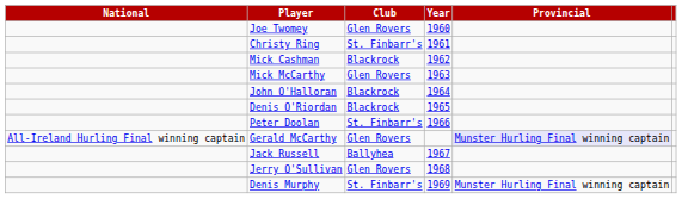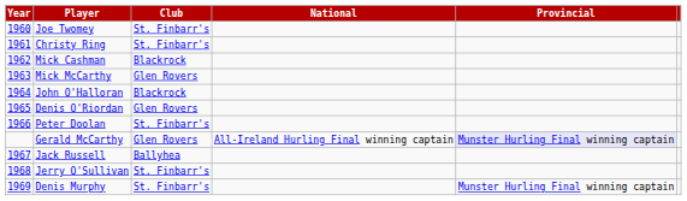 <table class="wikitable">
 <tr style="text-align:center;background:#B60000;color:white">
-<td><strong>National</strong></td>
+<td><strong>Year</strong></td>
 <td><strong>Player</strong></td>
 <td><strong>Club</strong></td>
-<td><strong>Year</strong></td>
+<td><strong>National</strong></td>
 <td><strong>Provincial</strong></td>
 <td></td>
 </tr>
 <tr>
+<td style="text-align:left;"><a href='#'>1960</a></td>
+<td style="text-align:left;"><a href='#'>Joe Twomey</a></td>
+<td style="text-align:left;"><a href='#'>St. Finbarr's</a></td>
 <td></td>
-<td style="text-align:left;"><a href='#'>Joe Twomey</a></td>
+<td></td>
+<td></td>
+</tr>
+<tr>
+<td style="text-align:left;"><a href='#'>1961</a></td>
+<td style="text-align:left;"><a href='#'>Christy Ring</a></td>
+<td style="text-align:left;"><a href='#'>St. Finbarr's</a></td>
+<td></td>
+<td></td>
+<td></td>
+</tr>
+<tr>
+<td style="text-align:left;"><a href='#'>1962</a></td>
+<td style="text-align:left;"><a href='#'>Mick Cashman</a></td>
+<td style="text-align:left;"><a href='#'>Blackrock</a></td>
+<td></td>
+<td></td>
+<td></td>
+</tr>
+<tr>
+<td style="text-align:left;"><a href='#'>1963</a></td>
+<td style="text-align:left;"><a href='#'>Mick McCarthy</a></td>
 <td style="text-align:left;"><a href='#'>Glen Rovers</a></td>
-<td style="text-align:left;"><a href='#'>1960</a></td>
+<td></td>
+<td></td>
+<td></td>
+</tr>
+<tr>
+<td style="text-align:left;"><a href='#'>1964</a></td>
+<td style="text-align:left;"><a href='#'>John O'Halloran</a></td>
+<td style="text-align:left;"><a href='#'>Blackrock</a></td>
+<td></td>
+<td></td>
+<td></td>
+</tr>
+<tr>
+<td style="text-align:left;"><a href='#'>1965</a></td>
+<td style="text-align:left;"><a href='#'>Denis O'Riordan</a></td>
+<td style="text-align:left;"><a href='#'>Glen Rovers</a></td>
+<td></td>
+<td></td>
+<td></td>
+</tr>
+<tr>
+<td style="text-align:left;"><a href='#'>1966</a></td>
+<td style="text-align:left;"><a href='#'>Peter Doolan</a></td>
+<td style="text-align:left;"><a href='#'>St. Finbarr's</a></td>
+<td></td>
 <td></td>
 <td></td>
 </tr>
 <tr>
 <td></td>
-<td style="text-align:left;"><a href='#'>Christy Ring</a></td>
-<td style="text-align:left;"><a href='#'>St. Finbarr's</a></td>
-<td style="text-align:left;"><a href='#'>1961</a></td>
+<td style="text-align:left;"><a href='#'>Gerald McCarthy</a></td>
+<td style="text-align:left;"><a href='#'>Glen Rovers</a></td>
+<td style="text-align:left;"><a href='#'>All-Ireland Hurling Final</a> winning captain</td>
+<td style="background: lavender; text-align:left;"><a href='#'>Munster Hurling Final</a> winning captain</td>
+<td></td>
+</tr>
+<tr>
+<td style="text-align:left;"><a href='#'>1967</a></td>
+<td style="text-align:left;"><a href='#'>Jack Russell</a></td>
+<td style="text-align:left;"><a href='#'>Ballyhea</a></td>
+<td></td>
 <td></td>
 <td></td>
 </tr>
 <tr>
+<td style="text-align:left;"><a href='#'>1968</a></td>
+<td style="text-align:left;"><a href='#'>Jerry O'Sullivan</a></td>
+<td style="text-align:left;"><a href='#'>St. Finbarr's</a></td>
 <td></td>
-<td style="text-align:left;"><a href='#'>Mick Cashman</a></td>
-<td style="text-align:left;"><a href='#'>Blackrock</a></td>
-<td style="text-align:left;"><a href='#'>1962</a></td>
 <td></td>
 <td></td>
 </tr>
 <tr>
-<td></td>
-<td style="text-align:left;"><a href='#'>Mick McCarthy</a></td>
-<td style="text-align:left;"><a href='#'>Glen Rovers</a></td>
-<td style="text-align:left;"><a href='#'>1963</a></td>
-<td></td>
-<td></td>
-</tr>
-<tr>
-<td></td>
-<td style="text-align:left;"><a href='#'>John O'Halloran</a></td>
-<td style="text-align:left;"><a href='#'>Blackrock</a></td>
-<td style="text-align:left;"><a href='#'>1964</a></td>
-<td></td>
-<td></td>
-</tr>
-<tr>
-<td></td>
-<td style="text-align:left;"><a href='#'>Denis O'Riordan</a></td>
-<td style="text-align:left;"><a href='#'>Blackrock</a></td>
-<td style="text-align:left;"><a href='#'>1965</a></td>
-<td></td>
-<td></td>
-</tr>
-<tr>
-<td></td>
-<td style="text-align:left;"><a href='#'>Peter Doolan</a></td>
-<td style="text-align:left;"><a href='#'>St. Finbarr's</a></td>
-<td style="text-align:left;"><a href='#'>1966</a></td>
-<td></td>
-<td></td>
-</tr>
-<tr>
-<td style="text-align:left;"><a href='#'>All-Ireland Hurling Final</a> winning captain</td>
-<td style="text-align:left;"><a href='#'>Gerald McCarthy</a></td>
-<td style="text-align:left;"><a href='#'>Glen Rovers</a></td>
-<td></td>
-<td style="background: lavender; text-align:left;"><a href='#'>Munster Hurling Final</a> winning captain</td>
-<td></td>
-</tr>
-<tr>
-<td></td>
-<td style="text-align:left;"><a href='#'>Jack Russell</a></td>
-<td style="text-align:left;"><a href='#'>Ballyhea</a></td>
-<td style="text-align:left;"><a href='#'>1967</a></td>
-<td></td>
-<td></td>
-</tr>
-<tr>
-<td></td>
-<td style="text-align:left;"><a href='#'>Jerry O'Sullivan</a></td>
-<td style="text-align:left;"><a href='#'>Glen Rovers</a></td>
-<td style="text-align:left;"><a href='#'>1968</a></td>
-<td></td>
-<td></td>
-</tr>
-<tr>
-<td></td>
+<td style="text-align:left;"><a href='#'>1969</a></td>
 <td style="text-align:left;"><a href='#'>Denis Murphy</a></td>
 <td style="text-align:left;"><a href='#'>St. Finbarr's</a></td>
-<td style="text-align:left;"><a href='#'>1969</a></td>
+<td></td>
 <td style="text-align:left;"><a href='#'>Munster Hurling Final</a> winning captain</td>
 <td></td>
 </tr>
 </table>
